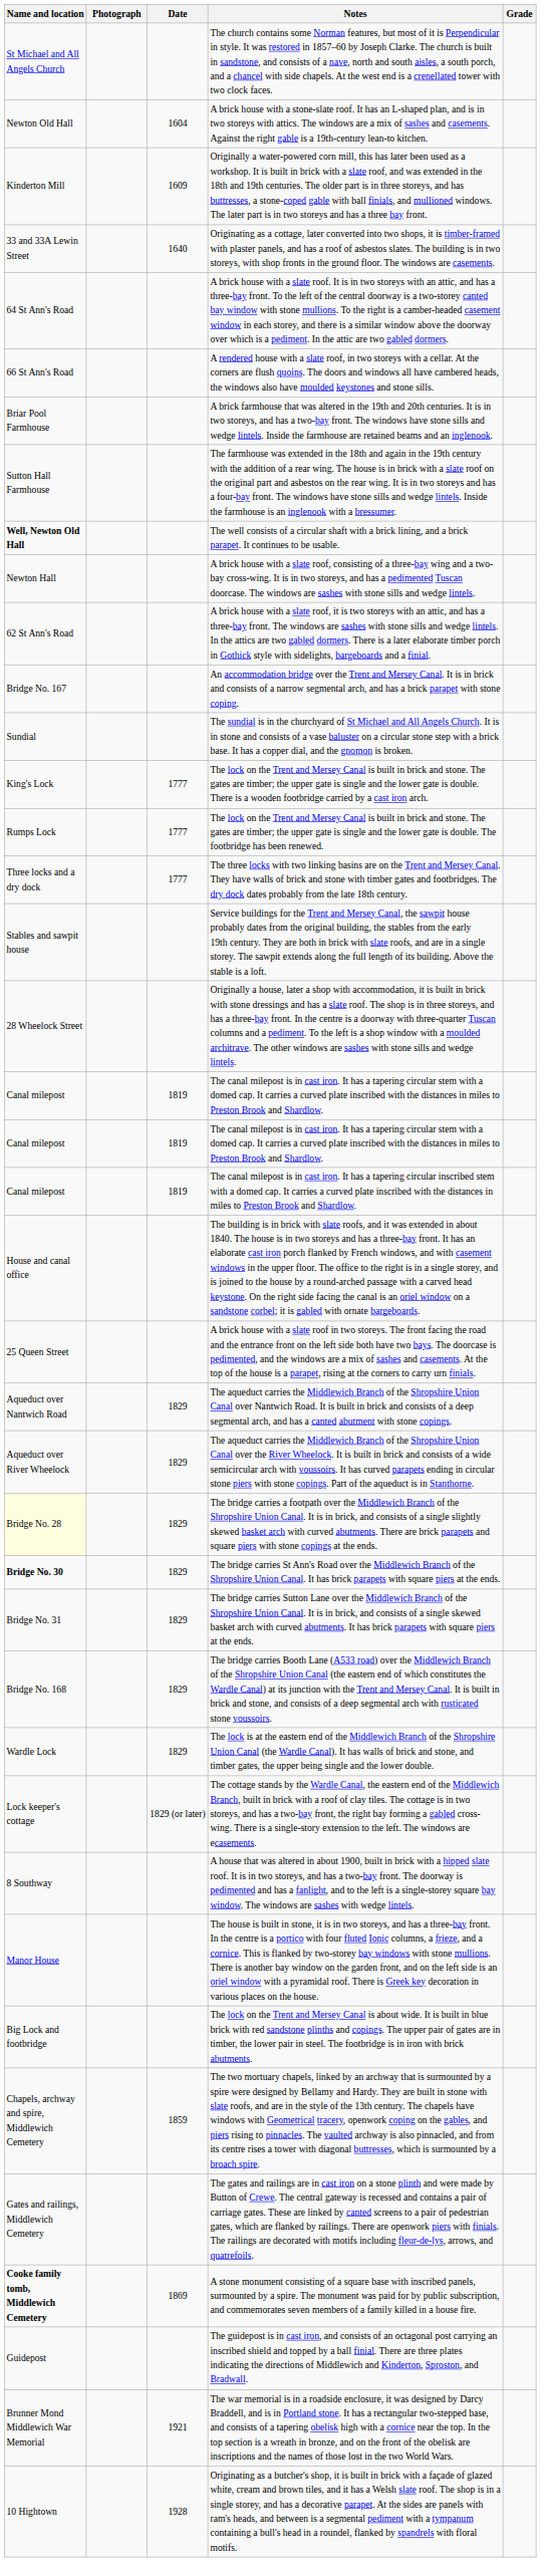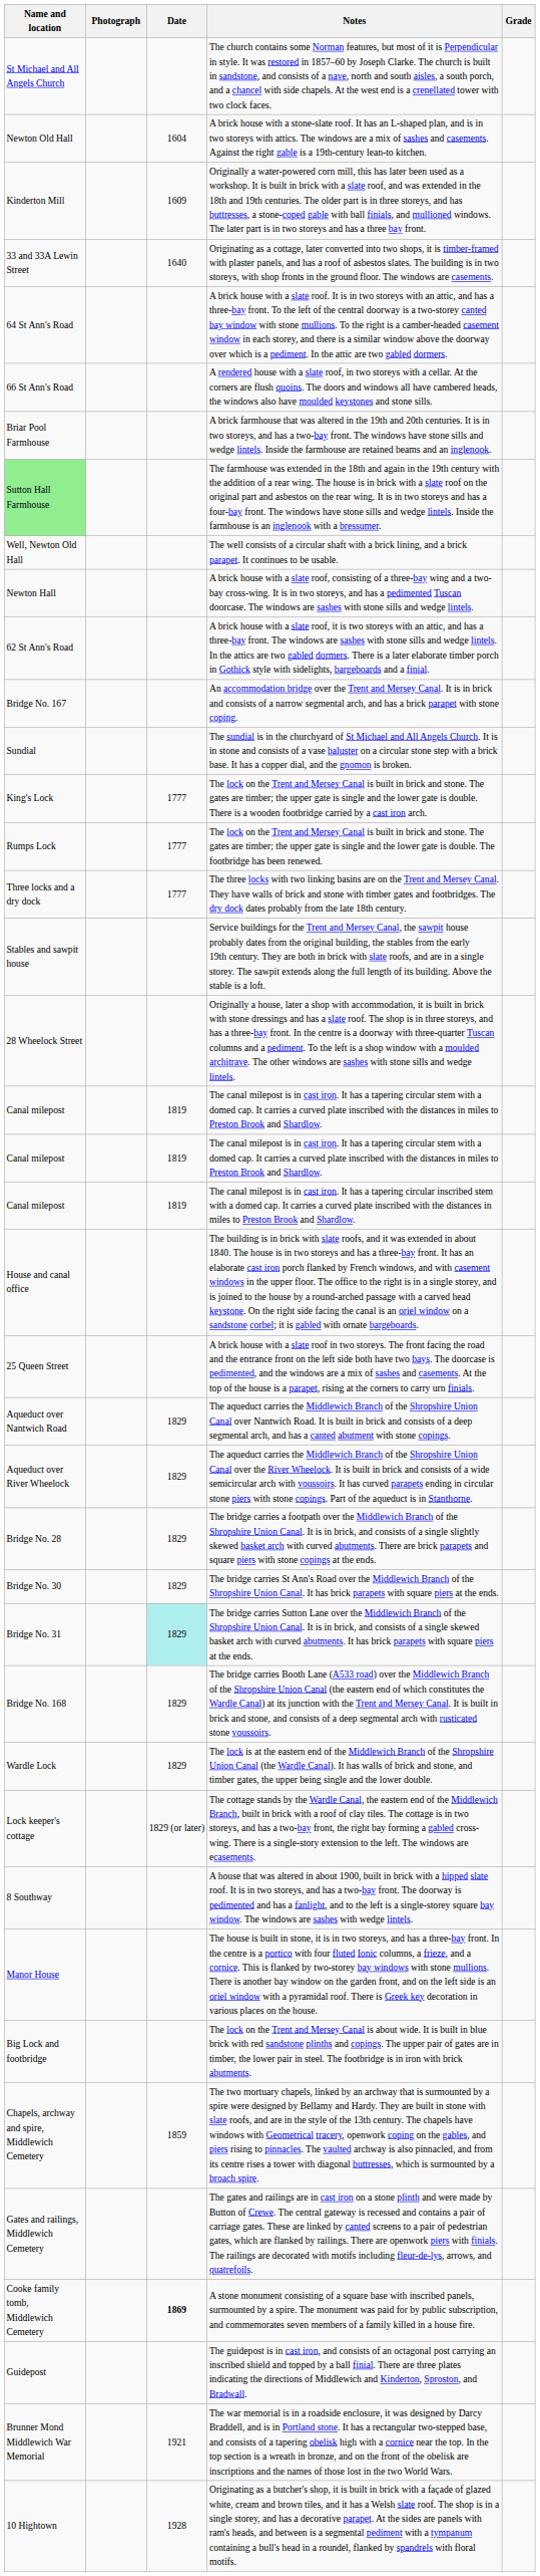 <table class="wikitable sortable plainrowheaders" style="width:100%;border:0px;text-align:left;line-height:150%;">
 <tr>
 <th scope="col" style="width:150px">Name and location</th>
 <th scope="col" style="width:100px" class="unsortable">Photograph</th>
 <th scope="col" style="width:120px">Date</th>
 <th scope="col" style="width:650px" class="unsortable">Notes</th>
 <th scope="col" style="width:50px">Grade</th>
 </tr>
 <tr>
 <td><a href='#'>St Michael and All Angels Church</a><br><small></small></td>
 <td></td>
 <td align="center"></td>
 <td>The church contains some <a href='#'>Norman</a> features, but most of it is <a href='#'>Perpendicular</a> in style. It was <a href='#'>restored</a> in 1857–60 by Joseph Clarke. The church is built in <a href='#'>sandstone</a>, and consists of a <a href='#'>nave</a>, north and south <a href='#'>aisles</a>, a south porch, and a <a href='#'>chancel</a> with side chapels. At the west end is a <a href='#'>crenellated</a> tower with two clock faces.</td>
 <td align="center" ></td>
 </tr>
 <tr>
 <td>Newton Old Hall<br><small></small></td>
 <td></td>
 <td align="center">1604</td>
 <td>A brick house with a stone-slate roof. It has an L-shaped plan, and is in two storeys with attics. The windows are a mix of <a href='#'>sashes</a> and <a href='#'>casements</a>. Against the right <a href='#'>gable</a> is a 19th-century lean-to kitchen.</td>
 <td align="center" ></td>
 </tr>
 <tr>
 <td>Kinderton Mill<br><small></small></td>
 <td></td>
 <td align="center">1609</td>
 <td>Originally a water-powered corn mill, this has later been used as a workshop. It is built in brick with a <a href='#'>slate</a> roof, and was extended in the 18th and 19th centuries. The older part is in three storeys, and has <a href='#'>buttresses</a>, a stone-<a href='#'>coped</a> <a href='#'>gable</a> with ball <a href='#'>finials</a>, and <a href='#'>mullioned</a> windows. The later part is in two storeys and has a three <a href='#'>bay</a> front.</td>
 <td align="center" ></td>
 </tr>
 <tr>
 <td>33 and 33A Lewin Street<br><small></small></td>
 <td></td>
 <td align="center">1640</td>
 <td>Originating as a cottage, later converted into two shops, it is <a href='#'>timber-framed</a> with plaster panels, and has a roof of asbestos slates. The building is in two storeys, with shop fronts in the ground floor. The windows are <a href='#'>casements</a>.</td>
 <td align="center" ></td>
 </tr>
 <tr>
 <td>64 St Ann's Road<br><small></small></td>
 <td></td>
 <td align="center"></td>
 <td>A brick house with a <a href='#'>slate</a> roof. It is in two storeys with an attic, and has a three-<a href='#'>bay</a> front. To the left of the central doorway is a two-storey <a href='#'>canted</a> <a href='#'>bay window</a> with stone <a href='#'>mullions</a>. To the right is a camber-headed <a href='#'>casement window</a> in each storey, and there is a similar window above the doorway over which is a <a href='#'>pediment</a>. In the attic are two <a href='#'>gabled</a> <a href='#'>dormers</a>.</td>
 <td align="center" ></td>
 </tr>
 <tr>
 <td>66 St Ann's Road<br><small></small></td>
 <td></td>
 <td align="center"></td>
 <td>A <a href='#'>rendered</a> house with a <a href='#'>slate</a> roof, in two storeys with a cellar. At the corners are flush <a href='#'>quoins</a>. The doors and windows all have cambered heads, the windows also have <a href='#'>moulded</a> <a href='#'>keystones</a> and stone sills.</td>
 <td align="center" ></td>
 </tr>
 <tr>
 <td>Briar Pool Farmhouse<br><small></small></td>
 <td></td>
 <td align="center"></td>
 <td>A brick farmhouse that was altered in the 19th and 20th centuries. It is in two storeys, and has a two-<a href='#'>bay</a> front. The windows have stone sills and wedge <a href='#'>lintels</a>. Inside the farmhouse are retained beams and an <a href='#'>inglenook</a>.</td>
 <td align="center" ></td>
 </tr>
 <tr>
-<td>Sutton Hall Farmhouse<br><small></small></td>
+<td style="background: lightgreen;">Sutton Hall Farmhouse<br><small></small></td>
 <td></td>
 <td align="center"></td>
 <td>The farmhouse was extended in the 18th and again in the 19th century with the addition of a rear wing. The house is in brick with a <a href='#'>slate</a> roof on the original part and asbestos on the rear wing. It is in two storeys and has a four-<a href='#'>bay</a> front. The windows have stone sills and wedge <a href='#'>lintels</a>. Inside the farmhouse is an <a href='#'>inglenook</a> with a <a href='#'>bressumer</a>.</td>
 <td align="center" ></td>
 </tr>
 <tr>
-<td><strong>Well, Newton Old Hall<br><small></small></strong></td>
+<td>Well, Newton Old Hall<br><small></small></td>
 <td></td>
 <td align="center"></td>
 <td>The well consists of a circular shaft with a brick lining, and a brick <a href='#'>parapet</a>. It continues to be usable.</td>
 <td align="center" ></td>
 </tr>
 <tr>
 <td>Newton Hall<br><small></small></td>
 <td></td>
 <td align="center"></td>
 <td>A brick house with a <a href='#'>slate</a> roof, consisting of a three-<a href='#'>bay</a> wing and a two-bay cross-wing. It is in two storeys, and has a <a href='#'>pedimented</a> <a href='#'>Tuscan</a> doorcase. The windows are <a href='#'>sashes</a> with stone sills and wedge <a href='#'>lintels</a>.</td>
 <td align="center" ></td>
 </tr>
 <tr>
 <td>62 St Ann's Road<br><small></small></td>
 <td></td>
 <td align="center"></td>
 <td>A brick house with a <a href='#'>slate</a> roof, it is two storeys with an attic, and has a three-<a href='#'>bay</a> front. The windows are <a href='#'>sashes</a> with stone sills and wedge <a href='#'>lintels</a>. In the attics are two <a href='#'>gabled</a> <a href='#'>dormers</a>. There is a later elaborate timber porch in <a href='#'>Gothick</a> style with sidelights, <a href='#'>bargeboards</a> and a <a href='#'>finial</a>.</td>
 <td align="center" ></td>
 </tr>
 <tr>
 <td>Bridge No. 167<br><small></small></td>
 <td></td>
 <td align="center"></td>
 <td>An <a href='#'>accommodation bridge</a> over the <a href='#'>Trent and Mersey Canal</a>. It is in brick and consists of a narrow segmental arch, and has a brick <a href='#'>parapet</a> with stone <a href='#'>coping</a>.</td>
 <td align="center" ></td>
 </tr>
 <tr>
 <td>Sundial<br><small></small></td>
 <td></td>
 <td align="center"></td>
 <td>The <a href='#'>sundial</a> is in the churchyard of <a href='#'>St Michael and All Angels Church</a>. It is in stone and consists of a vase <a href='#'>baluster</a> on a circular stone step with a brick base. It has a copper dial, and the <a href='#'>gnomon</a> is broken.</td>
 <td align="center" ></td>
 </tr>
 <tr>
 <td>King's Lock<br><small></small></td>
 <td></td>
 <td align="center">1777</td>
 <td>The <a href='#'>lock</a> on the <a href='#'>Trent and Mersey Canal</a> is built in brick and stone. The gates are timber; the upper gate is single and the lower gate is double. There is a wooden footbridge carried by a <a href='#'>cast iron</a> arch.</td>
 <td align="center" ></td>
 </tr>
 <tr>
 <td>Rumps Lock<br><small></small></td>
 <td></td>
 <td align="center">1777</td>
 <td>The <a href='#'>lock</a> on the <a href='#'>Trent and Mersey Canal</a> is built in brick and stone. The gates are timber; the upper gate is single and the lower gate is double. The footbridge has been renewed.</td>
 <td align="center" ></td>
 </tr>
 <tr>
 <td>Three locks and a dry dock<br><small></small></td>
 <td></td>
 <td align="center">1777</td>
 <td>The three <a href='#'>locks</a> with two linking basins are on the <a href='#'>Trent and Mersey Canal</a>. They have walls of brick and stone with timber gates and footbridges. The <a href='#'>dry dock</a> dates probably from the late 18th century.</td>
 <td align="center" ></td>
 </tr>
 <tr>
 <td>Stables and sawpit house<br><small></small></td>
 <td></td>
 <td align="center"></td>
 <td>Service buildings for the <a href='#'>Trent and Mersey Canal</a>, the <a href='#'>sawpit</a> house probably dates from the original building, the stables from the early 19th century. They are both in brick with <a href='#'>slate</a> roofs, and are in a single storey. The sawpit extends along the full length of its building. Above the stable is a loft.</td>
 <td align="center" ></td>
 </tr>
 <tr>
 <td>28 Wheelock Street<br><small></small></td>
 <td></td>
 <td align="center"></td>
 <td>Originally a house, later a shop with accommodation, it is built in brick with stone dressings and has a <a href='#'>slate</a> roof. The shop is in three storeys, and has a three-<a href='#'>bay</a> front. In the centre is a doorway with three-quarter <a href='#'>Tuscan</a> columns and a <a href='#'>pediment</a>. To the left is a shop window with a <a href='#'>moulded</a> <a href='#'>architrave</a>. The other windows are <a href='#'>sashes</a> with stone sills and wedge <a href='#'>lintels</a>.</td>
 <td align="center" ></td>
 </tr>
 <tr>
 <td>Canal milepost<br><small></small></td>
 <td></td>
 <td align="center">1819</td>
 <td>The canal milepost is in <a href='#'>cast iron</a>. It has a tapering circular stem with a domed cap. It carries a curved plate inscribed with the distances in miles to <a href='#'>Preston Brook</a> and <a href='#'>Shardlow</a>.</td>
 <td align="center" ></td>
 </tr>
 <tr>
 <td>Canal milepost<br><small></small></td>
 <td></td>
 <td align="center">1819</td>
 <td>The canal milepost is in <a href='#'>cast iron</a>. It has a tapering circular stem with a domed cap. It carries a curved plate inscribed with the distances in miles to <a href='#'>Preston Brook</a> and <a href='#'>Shardlow</a>.</td>
 <td align="center" ></td>
 </tr>
 <tr>
 <td>Canal milepost<br><small></small></td>
 <td></td>
 <td align="center">1819</td>
 <td>The canal milepost is in <a href='#'>cast iron</a>. It has a tapering circular inscribed stem with a domed cap. It carries a curved plate inscribed with the distances in miles to <a href='#'>Preston Brook</a> and <a href='#'>Shardlow</a>.</td>
 <td align="center" ></td>
 </tr>
 <tr>
 <td>House and canal office<br><small></small></td>
 <td></td>
 <td align="center"></td>
 <td>The building is in brick with <a href='#'>slate</a> roofs, and it was extended in about 1840. The house is in two storeys and has a three-<a href='#'>bay</a> front. It has an elaborate <a href='#'>cast iron</a> porch flanked by French windows, and with <a href='#'>casement windows</a> in the upper floor. The office to the right is in a single storey, and is joined to the house by a round-arched passage with a carved head <a href='#'>keystone</a>. On the right side facing the canal is an <a href='#'>oriel window</a> on a <a href='#'>sandstone</a> <a href='#'>corbel</a>; it is <a href='#'>gabled</a> with ornate <a href='#'>bargeboards</a>.</td>
 <td align="center" ></td>
 </tr>
 <tr>
 <td>25 Queen Street<br><small></small></td>
 <td></td>
 <td align="center"></td>
 <td>A brick house with a <a href='#'>slate</a> roof in two storeys. The front facing the road and the entrance front on the left side both have two <a href='#'>bays</a>. The doorcase is <a href='#'>pedimented</a>, and the windows are a mix of <a href='#'>sashes</a> and <a href='#'>casements</a>. At the top of the house is a <a href='#'>parapet</a>, rising at the corners to carry urn <a href='#'>finials</a>.</td>
 <td align="center" ></td>
 </tr>
 <tr>
 <td>Aqueduct over Nantwich Road<br><small></small></td>
 <td></td>
 <td align="center">1829</td>
 <td>The aqueduct carries the <a href='#'>Middlewich Branch</a> of the <a href='#'>Shropshire Union Canal</a> over Nantwich Road. It is built in brick and consists of a deep segmental arch, and has a <a href='#'>canted</a> <a href='#'>abutment</a> with stone <a href='#'>copings</a>.</td>
 <td align="center" ></td>
 </tr>
 <tr>
 <td>Aqueduct over River Wheelock<br><small></small></td>
 <td></td>
 <td align="center">1829</td>
 <td>The aqueduct carries the <a href='#'>Middlewich Branch</a> of the <a href='#'>Shropshire Union Canal</a> over the <a href='#'>River Wheelock</a>. It is built in brick and consists of a wide semicircular arch with <a href='#'>voussoirs</a>. It has curved <a href='#'>parapets</a> ending in circular stone <a href='#'>piers</a> with stone <a href='#'>copings</a>. Part of the aqueduct is in <a href='#'>Stanthorne</a>.</td>
 <td align="center" ></td>
 </tr>
 <tr>
-<td style="background: lightyellow;">Bridge No. 28<br><small></small></td>
+<td>Bridge No. 28<br><small></small></td>
 <td></td>
 <td align="center">1829</td>
 <td>The bridge carries a footpath over the <a href='#'>Middlewich Branch</a> of the <a href='#'>Shropshire Union Canal</a>. It is in brick, and consists of a single slightly skewed <a href='#'>basket arch</a> with curved <a href='#'>abutments</a>. There are brick <a href='#'>parapets</a> and square <a href='#'>piers</a> with stone <a href='#'>copings</a> at the ends.</td>
 <td align="center" ></td>
 </tr>
 <tr>
-<td><strong>Bridge No. 30<br><small></small></strong></td>
+<td>Bridge No. 30<br><small></small></td>
 <td></td>
 <td align="center">1829</td>
 <td>The bridge carries St Ann's Road over the <a href='#'>Middlewich Branch</a> of the <a href='#'>Shropshire Union Canal</a>. It has brick <a href='#'>parapets</a> with square <a href='#'>piers</a> at the ends.</td>
 <td align="center" ></td>
 </tr>
 <tr>
 <td>Bridge No. 31<br><small></small></td>
 <td></td>
-<td align="center">1829</td>
+<td align="center" style="background: paleturquoise;">1829</td>
 <td>The bridge carries Sutton Lane over the <a href='#'>Middlewich Branch</a> of the <a href='#'>Shropshire Union Canal</a>. It is in brick, and consists of a single skewed basket arch with curved <a href='#'>abutments</a>. It has brick <a href='#'>parapets</a> with square <a href='#'>piers</a> at the ends.</td>
 <td align="center" ></td>
 </tr>
 <tr>
 <td>Bridge No. 168<br><small></small></td>
 <td></td>
 <td align="center">1829</td>
 <td>The bridge carries Booth Lane (<a href='#'>A533 road</a>) over the <a href='#'>Middlewich Branch</a> of the <a href='#'>Shropshire Union Canal</a> (the eastern end of which constitutes the <a href='#'>Wardle Canal</a>) at its junction with the <a href='#'>Trent and Mersey Canal</a>. It is built in brick and stone, and consists of a deep segmental arch with <a href='#'>rusticated</a> stone <a href='#'>voussoirs</a>.</td>
 <td align="center" ></td>
 </tr>
 <tr>
 <td>Wardle Lock<br><small></small></td>
 <td></td>
 <td align="center">1829</td>
 <td>The <a href='#'>lock</a> is at the eastern end of the <a href='#'>Middlewich Branch</a> of the <a href='#'>Shropshire Union Canal</a> (the <a href='#'>Wardle Canal</a>). It has walls of brick and stone, and timber gates, the upper being single and the lower double.</td>
 <td align="center" ></td>
 </tr>
 <tr>
 <td>Lock keeper's cottage<br><small></small></td>
 <td></td>
 <td align="center">1829 (or later)</td>
 <td>The cottage stands by the <a href='#'>Wardle Canal</a>, the eastern end of the <a href='#'>Middlewich Branch</a>, built in brick with a roof of clay tiles. The cottage is in two storeys, and has a two-<a href='#'>bay</a> front, the right bay forming a <a href='#'>gabled</a> cross-wing. There is a single-story extension to the left. The windows are e<a href='#'>casements</a>.</td>
 <td align="center" ></td>
 </tr>
 <tr>
 <td>8 Southway<br><small></small></td>
 <td></td>
 <td align="center"></td>
 <td>A house that was altered in about 1900, built in brick with a <a href='#'>hipped</a> <a href='#'>slate</a> roof. It is in two storeys, and has a two-<a href='#'>bay</a> front. The doorway is <a href='#'>pedimented</a> and has a <a href='#'>fanlight</a>, and to the left is a single-storey square <a href='#'>bay window</a>. The windows are <a href='#'>sashes</a> with wedge <a href='#'>lintels</a>.</td>
 <td align="center" ></td>
 </tr>
 <tr>
 <td><a href='#'>Manor House</a><br><small></small></td>
 <td></td>
 <td align="center"></td>
 <td>The house is built in stone, it is in two storeys, and has a three-<a href='#'>bay</a> front. In the centre is a <a href='#'>portico</a> with four <a href='#'>fluted</a> <a href='#'>Ionic</a> columns, a <a href='#'>frieze</a>, and a <a href='#'>cornice</a>. This is flanked by two-storey <a href='#'>bay windows</a> with stone <a href='#'>mullions</a>. There is another bay window on the garden front, and on the left side is an <a href='#'>oriel window</a> with a pyramidal roof. There is <a href='#'>Greek key</a> decoration in various places on the house.</td>
 <td align="center" ></td>
 </tr>
 <tr>
 <td>Big Lock and footbridge<br><small></small></td>
 <td></td>
 <td align="center"></td>
 <td>The <a href='#'>lock</a> on the <a href='#'>Trent and Mersey Canal</a> is about  wide. It is built in blue brick with red <a href='#'>sandstone</a> <a href='#'>plinths</a> and <a href='#'>copings</a>. The upper pair of gates are in timber, the lower pair in steel. The footbridge is in iron with brick <a href='#'>abutments</a>.</td>
 <td align="center" ></td>
 </tr>
 <tr>
 <td>Chapels, archway and spire,<br>Middlewich Cemetery<br><small></small></td>
 <td></td>
 <td align="center">1859</td>
 <td>The two mortuary chapels, linked by an archway that is surmounted by a spire were designed by Bellamy and Hardy. They are built in stone with <a href='#'>slate</a> roofs, and are in the style of the 13th century. The chapels have windows with <a href='#'>Geometrical</a> <a href='#'>tracery</a>, openwork <a href='#'>coping</a> on the <a href='#'>gables</a>, and <a href='#'>piers</a> rising to <a href='#'>pinnacles</a>. The <a href='#'>vaulted</a> archway is also pinnacled, and from its centre rises a tower with diagonal <a href='#'>buttresses</a>, which is surmounted by a <a href='#'>broach spire</a>.</td>
 <td align="center" ></td>
 </tr>
 <tr>
 <td>Gates and railings,<br>Middlewich Cemetery<br><small></small></td>
 <td></td>
 <td align="center"></td>
 <td>The gates and railings are in <a href='#'>cast iron</a> on a stone <a href='#'>plinth</a> and were made by Button of <a href='#'>Crewe</a>. The central gateway is recessed and contains a pair of carriage gates. These are linked by <a href='#'>canted</a> screens to a pair of pedestrian gates, which are flanked by railings. There are openwork <a href='#'>piers</a> with <a href='#'>finials</a>. The railings are decorated with motifs including <a href='#'>fleur-de-lys</a>, arrows, and <a href='#'>quatrefoils</a>.</td>
 <td align="center" ></td>
 </tr>
 <tr>
-<td><strong>Cooke family tomb,<br>Middlewich Cemetery<br><small></small></strong></td>
+<td>Cooke family tomb,<br>Middlewich Cemetery<br><small></small></td>
 <td></td>
-<td align="center">1869</td>
+<td align="center"><strong>1869</strong></td>
 <td>A stone monument consisting of a square base with inscribed panels, surmounted by a spire. The monument was paid for by public subscription, and commemorates seven members of a family killed in a house fire.</td>
 <td align="center" ></td>
 </tr>
 <tr>
 <td>Guidepost<br><small></small></td>
 <td></td>
 <td align="center"></td>
 <td>The guidepost is in <a href='#'>cast iron</a>, and consists of an octagonal post carrying an inscribed shield and topped by a ball <a href='#'>finial</a>. There are three plates indicating the directions of Middlewich and <a href='#'>Kinderton</a>, <a href='#'>Sproston</a>, and <a href='#'>Bradwall</a>.</td>
 <td align="center" ></td>
 </tr>
 <tr>
 <td>Brunner Mond Middlewich War Memorial<br><small></small></td>
 <td></td>
 <td align="center">1921</td>
 <td>The war memorial is in a roadside enclosure, it was designed by Darcy Braddell, and is in <a href='#'>Portland stone</a>. It has a rectangular two-stepped base, and consists of a tapering <a href='#'>obelisk</a>  high with a <a href='#'>cornice</a> near the top. In the top section is a wreath in bronze, and on the front of the obelisk are inscriptions and the names of those lost in the two World Wars.</td>
 <td align="center" ></td>
 </tr>
 <tr>
 <td>10 Hightown<br><small></small></td>
 <td></td>
 <td align="center">1928</td>
 <td>Originating as a butcher's shop, it is built in brick with a façade of glazed white, cream and brown tiles, and it has a Welsh <a href='#'>slate</a> roof. The shop is in a single storey, and has a decorative <a href='#'>parapet</a>. At the sides are panels with ram's heads, and between is a segmental <a href='#'>pediment</a> with a <a href='#'>tympanum</a> containing a bull's head in a roundel, flanked by <a href='#'>spandrels</a> with floral motifs.</td>
 <td align="center" ></td>
 </tr>
 <tr>
 </tr>
 </table>
